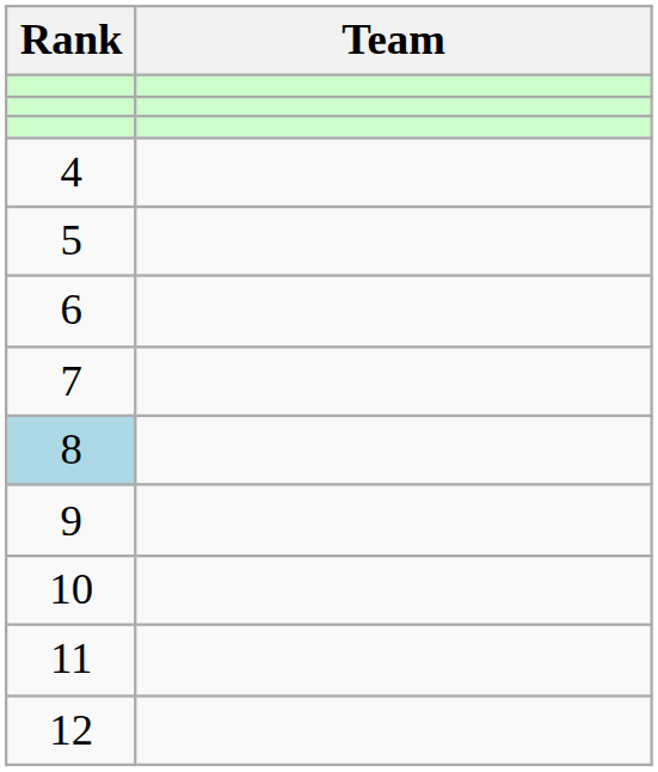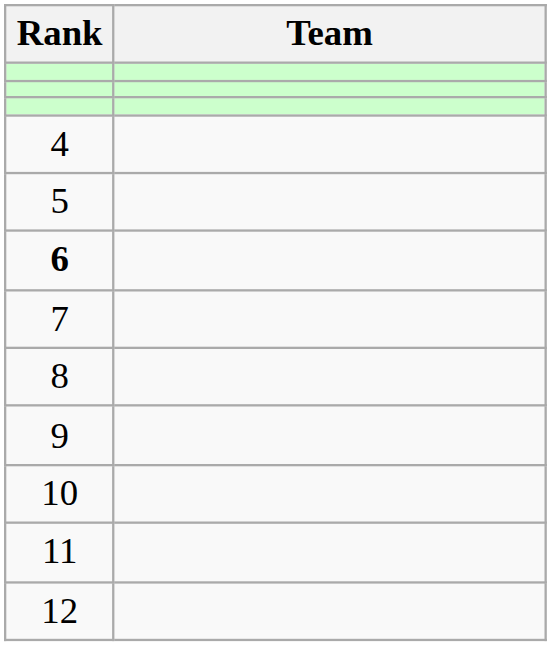 <table class="wikitable" style="text-align: center;">
 <tr>
 <th width=40>Rank</th>
 <th width=180>Team</th>
 </tr>
 <tr bgcolor=#ccffcc>
 <td></td>
 <td style="text-align:left;"></td>
 </tr>
 <tr bgcolor=#ccffcc>
 <td></td>
 <td style="text-align:left;"></td>
 </tr>
 <tr bgcolor=#ccffcc>
 <td></td>
 <td style="text-align:left;"></td>
 </tr>
 <tr>
 <td>4</td>
 <td style="text-align:left;"></td>
 </tr>
 <tr>
 <td>5</td>
 <td style="text-align:left;"></td>
 </tr>
 <tr>
-<td>6</td>
+<td><strong>6</strong></td>
 <td style="text-align:left;"></td>
 </tr>
 <tr>
 <td>7</td>
 <td style="text-align:left;"></td>
 </tr>
 <tr>
-<td style="background: lightblue;">8</td>
+<td>8</td>
 <td style="text-align:left;"></td>
 </tr>
 <tr>
 <td>9</td>
 <td style="text-align:left;"></td>
 </tr>
 <tr>
 <td>10</td>
 <td style="text-align:left;"></td>
 </tr>
 <tr>
 <td>11</td>
 <td style="text-align:left;"></td>
 </tr>
 <tr>
 <td>12</td>
 <td style="text-align:left;"></td>
 </tr>
 </table>
